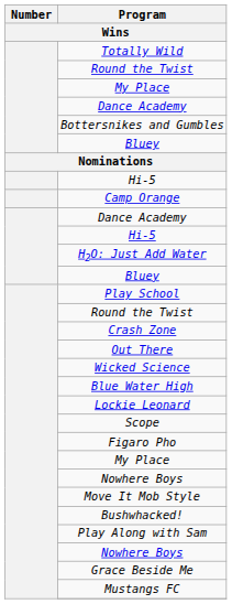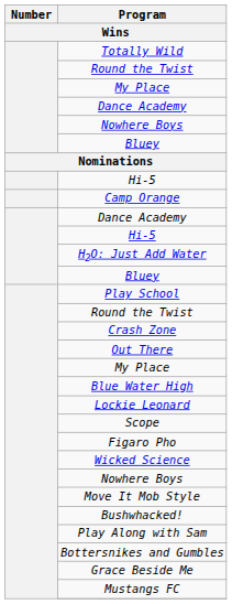 <table class="wikitable" style="text-align:center;">
 <tr>
 <th scope="col" style="width:55px;">Number</th>
 <th scope="col" style="text-align:center;">Program</th>
 </tr>
 <tr>
 <th colspan="2">Wins</th>
 </tr>
 <tr>
 <th scope="row" rowspan="6"></th>
 <td><em><a href='#'>Totally Wild</a></em></td>
 </tr>
 <tr>
 <td><em><a href='#'>Round the Twist</a></em></td>
 </tr>
 <tr>
 <td><em><a href='#'>My Place</a></em></td>
 </tr>
 <tr>
 <td><em><a href='#'>Dance Academy</a></em></td>
 </tr>
 <tr>
-<td><em>Bottersnikes and Gumbles</em></td>
+<td><em><a href='#'>Nowhere Boys</a></em></td>
 </tr>
 <tr>
 <td><em><a href='#'>Bluey</a></em></td>
 </tr>
 <tr>
 <th colspan="2">Nominations</th>
 </tr>
 <tr>
 <th scope="row"></th>
 <td><em>Hi-5</em></td>
 </tr>
 <tr>
 <th scope="row"></th>
 <td><em><a href='#'>Camp Orange</a></em></td>
 </tr>
 <tr>
 <th scope="row" rowspan="4"></th>
 <td><em>Dance Academy</em></td>
 </tr>
 <tr>
 <td><em><a href='#'>Hi-5</a></em></td>
 </tr>
 <tr>
 <td><em><a href='#'>H<sub>2</sub>O: Just Add Water</a></em></td>
 </tr>
 <tr>
 <td><em><a href='#'>Bluey</a></em></td>
 </tr>
 <tr>
 <th scope="row" rowspan="18"></th>
 <td><em><a href='#'>Play School</a></em></td>
 </tr>
 <tr>
 <td><em>Round the Twist</em></td>
 </tr>
 <tr>
 <td><em><a href='#'>Crash Zone</a></em></td>
 </tr>
 <tr>
 <td><em><a href='#'>Out There</a></em></td>
 </tr>
 <tr>
-<td><em><a href='#'>Wicked Science</a></em></td>
+<td><em>My Place</em></td>
 </tr>
 <tr>
 <td><em><a href='#'>Blue Water High</a></em></td>
 </tr>
 <tr>
 <td><em><a href='#'>Lockie Leonard</a></em></td>
 </tr>
 <tr>
 <td><em>Scope</em></td>
 </tr>
 <tr>
 <td><em>Figaro Pho</em></td>
 </tr>
 <tr>
-<td><em>My Place</em></td>
+<td><em><a href='#'>Wicked Science</a></em></td>
 </tr>
 <tr>
 <td><em>Nowhere Boys</em></td>
 </tr>
 <tr>
 <td><em>Move It Mob Style</em></td>
 </tr>
 <tr>
 <td><em>Bushwhacked!</em></td>
 </tr>
 <tr>
 <td><em>Play Along with Sam</em></td>
 </tr>
 <tr>
-<td><em><a href='#'>Nowhere Boys</a></em></td>
+<td><em>Bottersnikes and Gumbles</em></td>
 </tr>
 <tr>
 <td><em>Grace Beside Me</em></td>
 </tr>
 <tr>
 <td><em>Mustangs FC</em></td>
 </tr>
 <tr>
 </tr>
 </table>
